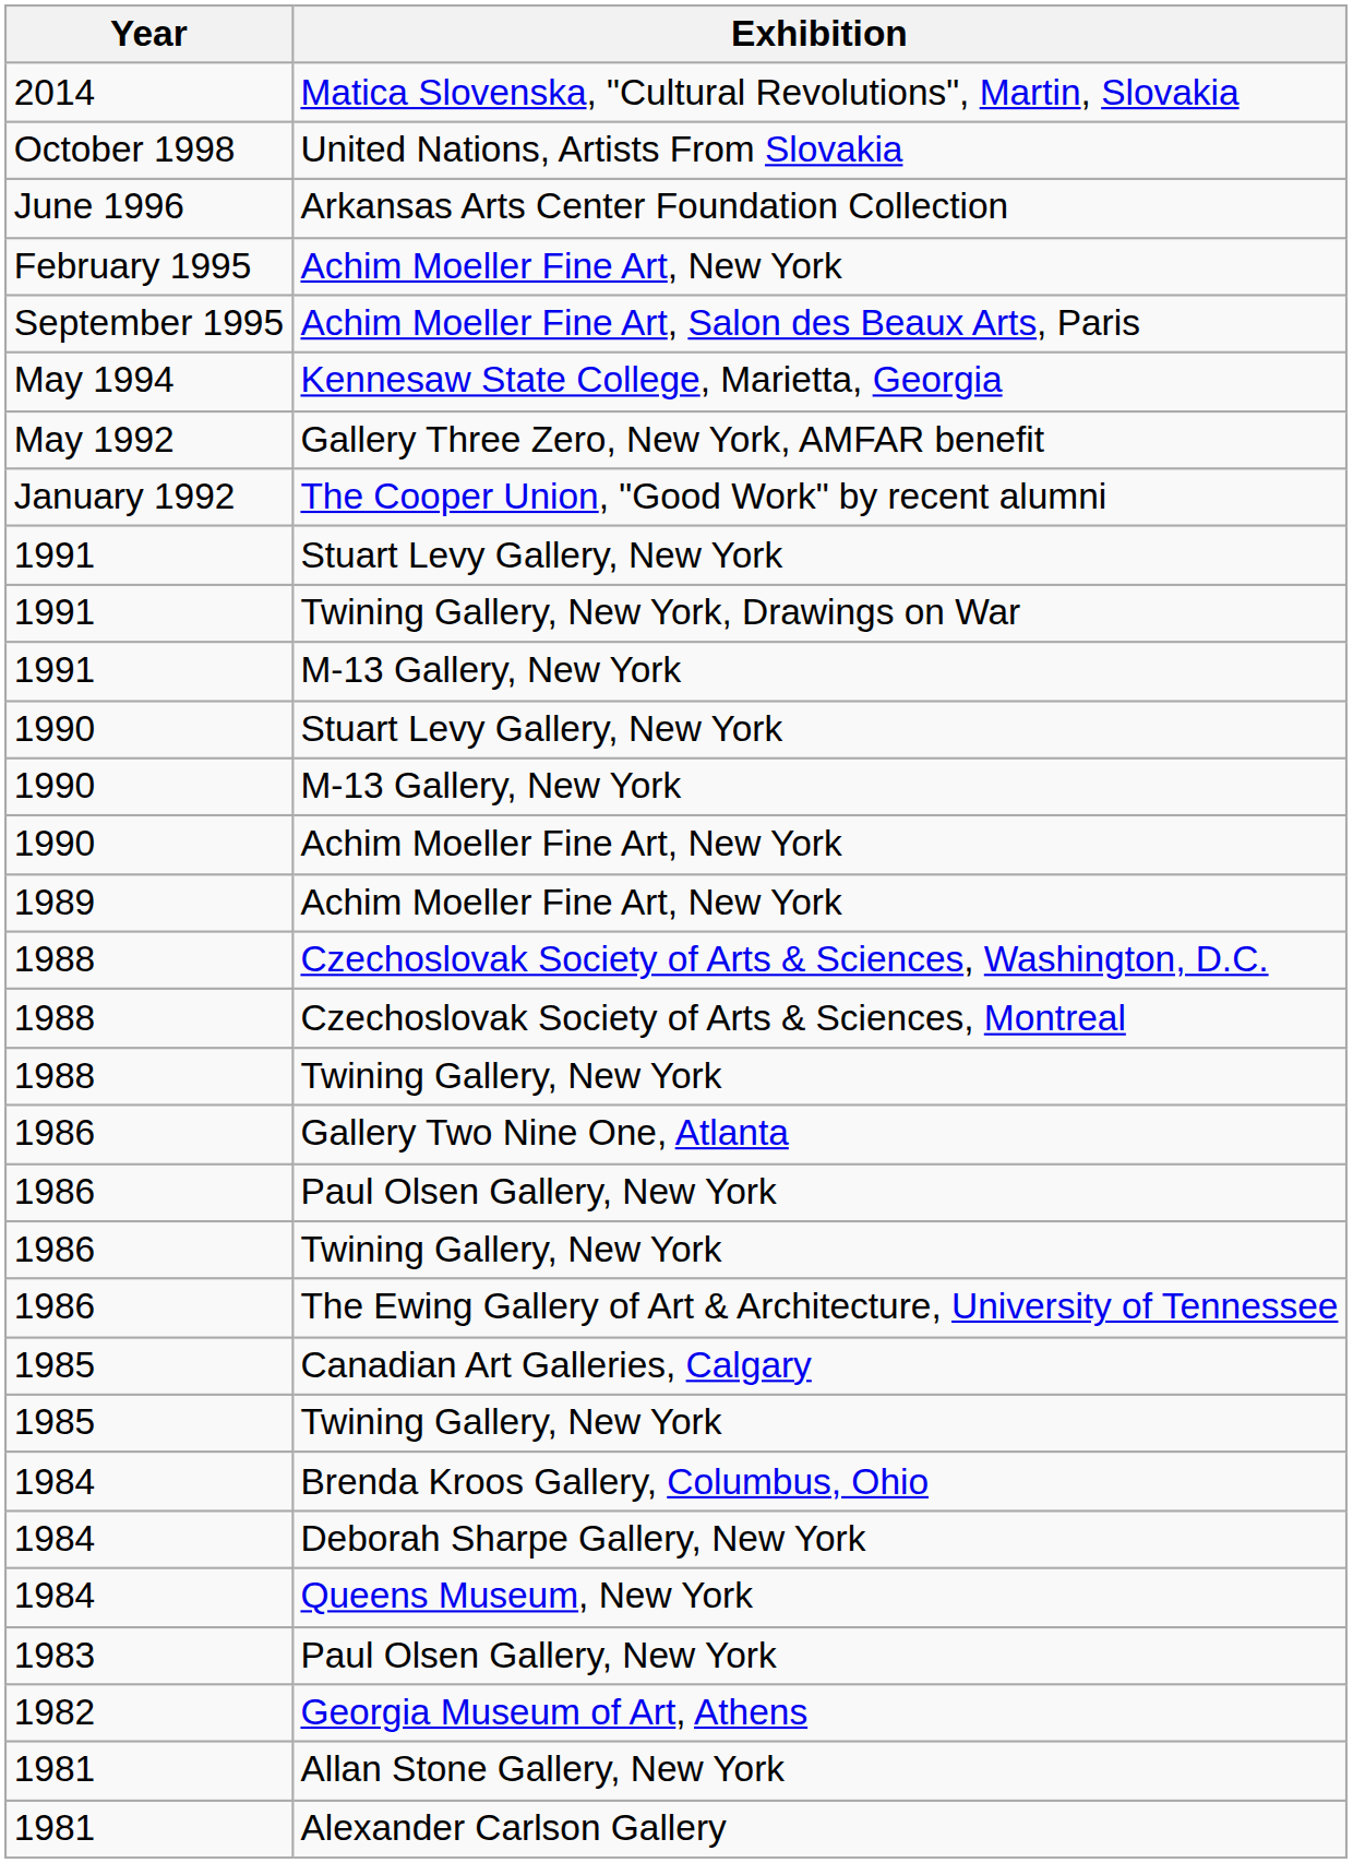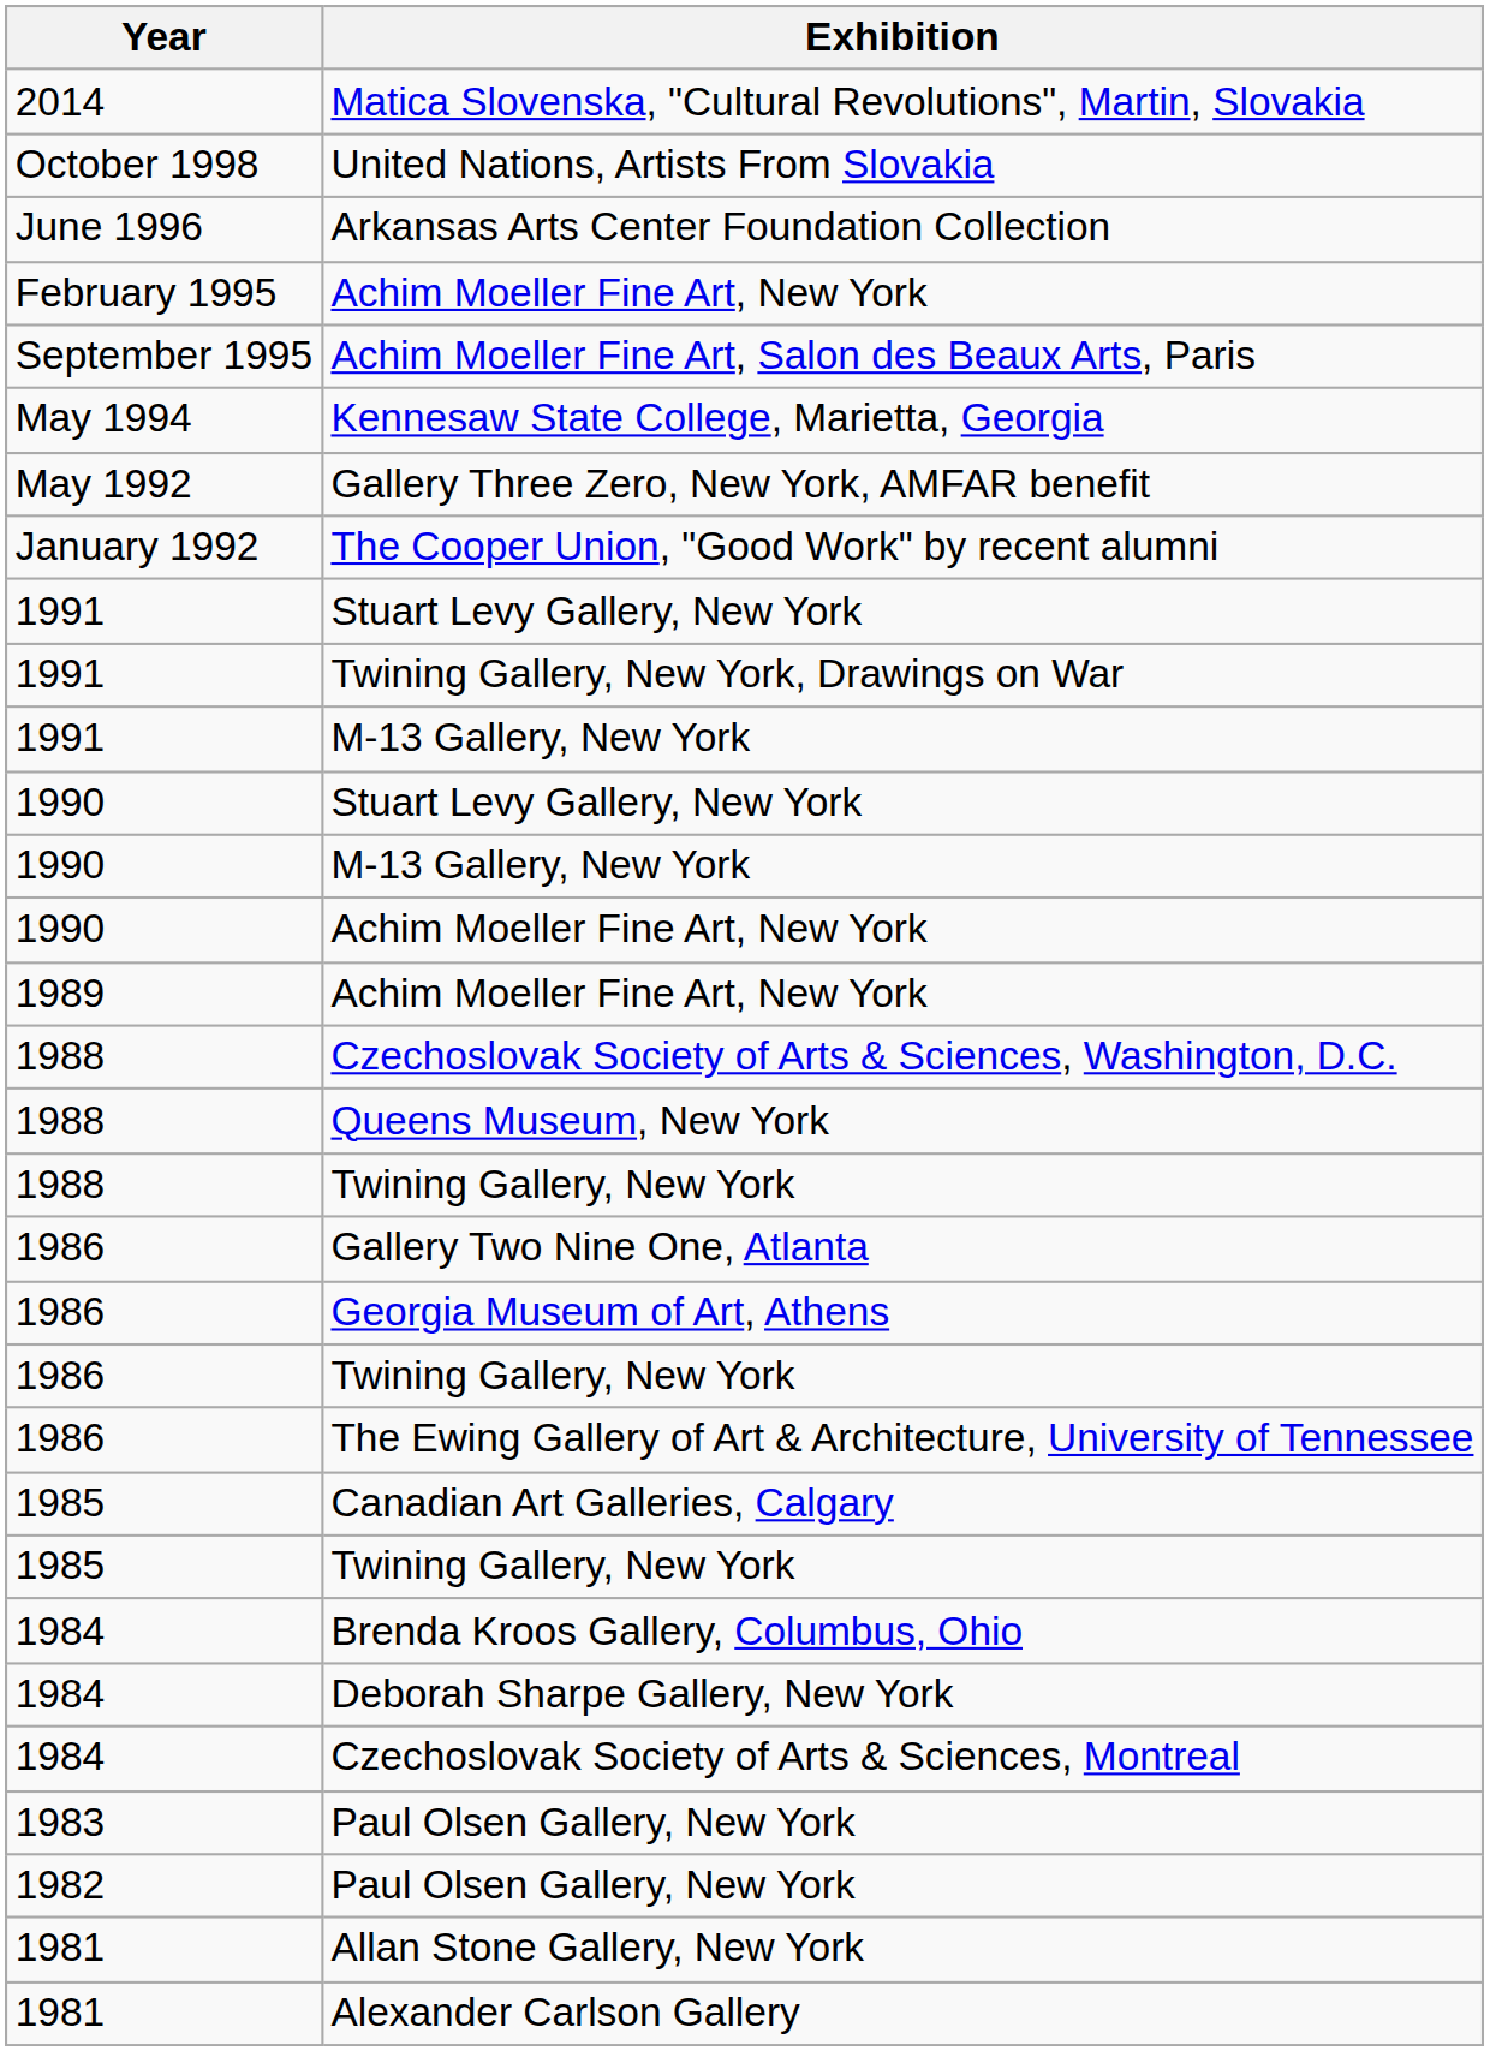 <table class="wikitable">
 <tr>
 <th>Year</th>
 <th>Exhibition</th>
 </tr>
 <tr>
 <td>2014</td>
 <td><a href='#'>Matica Slovenska</a>,  "Cultural Revolutions", <a href='#'>Martin</a>, <a href='#'>Slovakia</a></td>
 </tr>
 <tr>
 <td>October 1998</td>
 <td>United Nations, Artists From <a href='#'>Slovakia</a></td>
 </tr>
 <tr>
 <td>June 1996</td>
 <td>Arkansas Arts Center Foundation Collection</td>
 </tr>
 <tr>
 <td>February 1995</td>
 <td><a href='#'>Achim Moeller Fine Art</a>, New York</td>
 </tr>
 <tr>
 <td>September 1995</td>
 <td><a href='#'>Achim Moeller Fine Art</a>, <a href='#'>Salon des Beaux Arts</a>, Paris</td>
 </tr>
 <tr>
 <td>May 1994</td>
 <td><a href='#'>Kennesaw State College</a>, Marietta, <a href='#'>Georgia</a></td>
 </tr>
 <tr>
 <td>May 1992</td>
 <td>Gallery Three Zero, New York, AMFAR benefit</td>
 </tr>
 <tr>
 <td>January 1992</td>
 <td><a href='#'>The Cooper Union</a>,  "Good Work" by recent alumni</td>
 </tr>
 <tr>
 <td>1991</td>
 <td>Stuart Levy Gallery, New York</td>
 </tr>
 <tr>
 <td>1991</td>
 <td>Twining Gallery, New York, Drawings on War</td>
 </tr>
 <tr>
 <td>1991</td>
 <td>M-13 Gallery, New York</td>
 </tr>
 <tr>
 <td>1990</td>
 <td>Stuart Levy Gallery, New York</td>
 </tr>
 <tr>
 <td>1990</td>
 <td>M-13 Gallery, New York</td>
 </tr>
 <tr>
 <td>1990</td>
 <td>Achim Moeller Fine Art, New York</td>
 </tr>
 <tr>
 <td>1989</td>
 <td>Achim Moeller Fine Art, New York</td>
 </tr>
 <tr>
 <td>1988</td>
 <td><a href='#'>Czechoslovak Society of Arts & Sciences</a>, <a href='#'>Washington, D.C.</a></td>
 </tr>
 <tr>
 <td>1988</td>
-<td>Czechoslovak Society of Arts &  Sciences, <a href='#'>Montreal</a></td>
+<td><a href='#'>Queens Museum</a>, New York</td>
 </tr>
 <tr>
 <td>1988</td>
 <td>Twining Gallery, New York</td>
 </tr>
 <tr>
 <td>1986</td>
 <td>Gallery Two Nine One, <a href='#'>Atlanta</a></td>
 </tr>
 <tr>
 <td>1986</td>
-<td>Paul Olsen Gallery, New York</td>
+<td><a href='#'>Georgia Museum of Art</a>, <a href='#'>Athens</a></td>
 </tr>
 <tr>
 <td>1986</td>
 <td>Twining Gallery, New York</td>
 </tr>
 <tr>
 <td>1986</td>
 <td>The Ewing Gallery of Art &  Architecture, <a href='#'>University of Tennessee</a></td>
 </tr>
 <tr>
 <td>1985</td>
 <td>Canadian Art Galleries, <a href='#'>Calgary</a></td>
 </tr>
 <tr>
 <td>1985</td>
 <td>Twining Gallery, New York</td>
 </tr>
 <tr>
 <td>1984</td>
 <td>Brenda Kroos Gallery, <a href='#'>Columbus, Ohio</a></td>
 </tr>
 <tr>
 <td>1984</td>
 <td>Deborah Sharpe Gallery, New York</td>
 </tr>
 <tr>
 <td>1984</td>
-<td><a href='#'>Queens Museum</a>, New York</td>
+<td>Czechoslovak Society of Arts &  Sciences, <a href='#'>Montreal</a></td>
 </tr>
 <tr>
 <td>1983</td>
 <td>Paul Olsen Gallery, New York</td>
 </tr>
 <tr>
 <td>1982</td>
-<td><a href='#'>Georgia Museum of Art</a>, <a href='#'>Athens</a></td>
+<td>Paul Olsen Gallery, New York</td>
 </tr>
 <tr>
 <td>1981</td>
 <td>Allan Stone Gallery, New York</td>
 </tr>
 <tr>
 <td>1981</td>
 <td>Alexander Carlson Gallery</td>
 </tr>
 </table>
